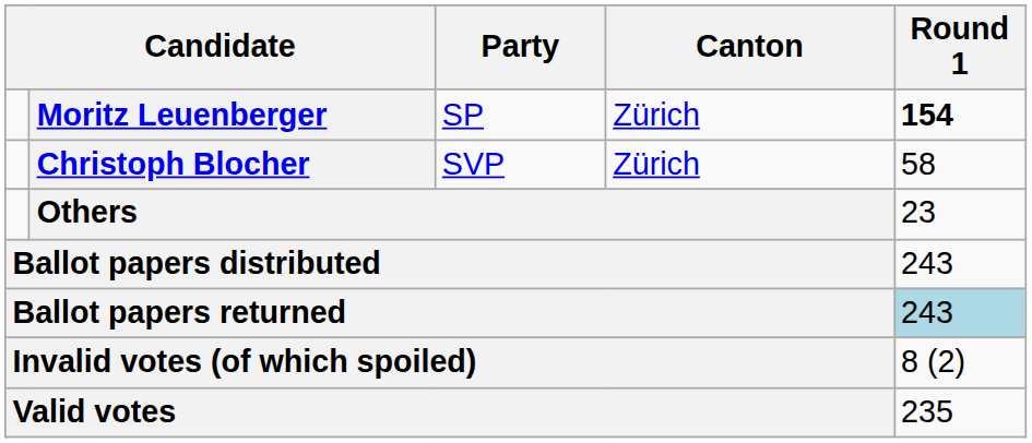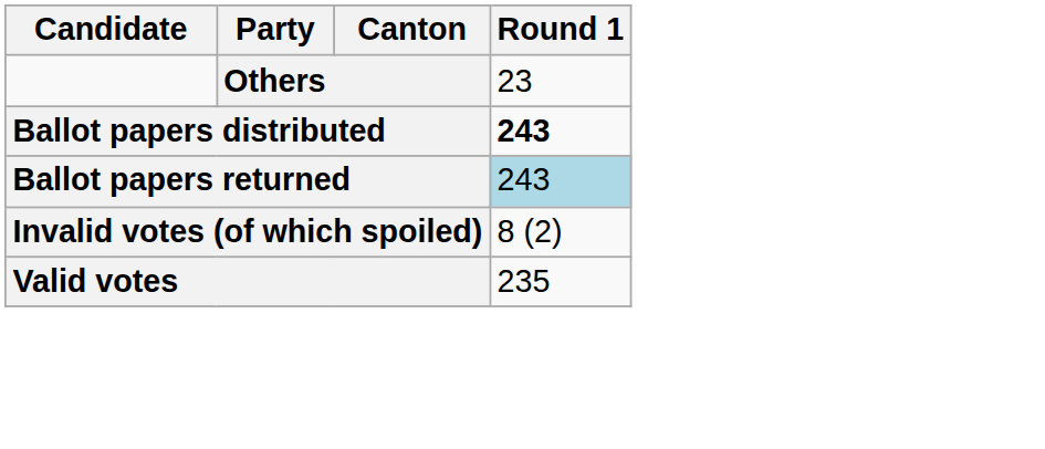 <table class="wikitable">
 <tr>
 <th colspan=2>Candidate</th>
 <th>Party</th>
 <th>Canton</th>
 <th>Round 1</th>
 </tr>
 <tr>
-<td width=5px style="background-color: "></td>
-<td width=200px style="background-color:#F2F2F2"><strong><a href='#'>Moritz Leuenberger</a></strong></td>
-<td width=80px><a href='#'>SP</a></td>
-<td width=140px><a href='#'>Zürich</a></td>
-<td width=60px><strong>154</strong></td>
-</tr>
-<tr>
-<td style="background-color: "></td>
-<td style="background-color:#F2F2F2"><strong><a href='#'>Christoph Blocher</a></strong></td>
-<td><a href='#'>SVP</a></td>
-<td><a href='#'>Zürich</a></td>
-<td>58</td>
-</tr>
-<tr>
 <td></td>
 <td colspan=3 style="background-color:#F2F2F2"><strong>Others</strong></td>
 <td>23</td>
 </tr>
 <tr>
 <td colspan=4 style="background-color:#F2F2F2"><strong>Ballot papers distributed</strong></td>
-<td>243</td>
+<td><strong>243</strong></td>
 </tr>
 <tr>
 <td colspan=4 style="background-color:#F2F2F2"><strong>Ballot papers returned</strong></td>
 <td style="background: lightblue;">243</td>
 </tr>
 <tr>
 <td colspan=4 style="background-color:#F2F2F2"><strong>Invalid votes (of which spoiled)</strong></td>
 <td>8 (2)</td>
 </tr>
 <tr>
 <td colspan=4 style="background-color:#F2F2F2"><strong>Valid votes</strong></td>
 <td>235</td>
 </tr>
 </table>
